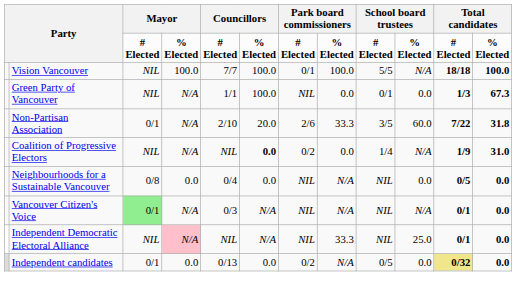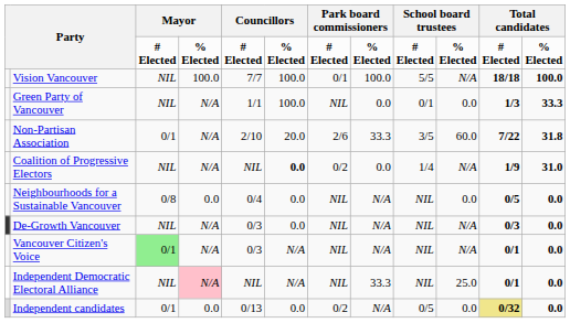 <table class="wikitable" style="width: 60%">
 <tr>
 <th rowspan="2" colspan="2" style="width:30%;">Party</th>
 <th colspan="2" style="width:10%;">Mayor</th>
 <th colspan="2" style="width:10%;">Councillors</th>
 <th colspan="2" style="width:10%;">Park board commissioners</th>
 <th colspan="2" style="width:10%;">School board trustees</th>
 <th colspan="2" style="width:10%;">Total candidates</th>
 </tr>
 <tr bgcolor=#fcfcfc>
 <td style="text-align: center;"><strong># Elected</strong></td>
 <td style="text-align: center;"><strong>% Elected</strong></td>
 <td style="text-align: center;"><strong># Elected</strong></td>
 <td style="text-align: center;"><strong>% Elected</strong></td>
 <td style="text-align: center;"><strong># Elected</strong></td>
 <td style="text-align: center;"><strong>% Elected</strong></td>
 <td style="text-align: center;"><strong># Elected</strong></td>
 <td style="text-align: center;"><strong>% Elected</strong></td>
 <td style="text-align: center;"><strong># Elected</strong></td>
 <td style="text-align: center;"><strong>% Elected</strong></td>
 </tr>
 <tr>
 <td style="background:"></td>
 <td><a href='#'>Vision Vancouver</a></td>
 <td style="text-align: right;"><em>NIL</em></td>
 <td style="text-align: right;">100.0</td>
 <td style="text-align: right;">7/7</td>
 <td style="text-align: right;">100.0</td>
 <td style="text-align: right;">0/1</td>
 <td style="text-align: right;">100.0</td>
 <td style="text-align: right;">5/5</td>
 <td style="text-align: right;"><em>N/A</em></td>
 <td style="text-align: right;"><strong>18/18</strong></td>
 <td style="text-align: right;"><strong>100.0</strong></td>
 </tr>
 <tr>
 <td style="background:"></td>
 <td><a href='#'>Green Party of Vancouver</a></td>
 <td style="text-align: right;"><em>NIL</em></td>
 <td style="text-align: right;"><em>N/A</em></td>
 <td style="text-align: right;">1/1</td>
 <td style="text-align: right;">100.0</td>
 <td style="text-align: right;"><em>NIL</em></td>
 <td style="text-align: right;">0.0</td>
 <td style="text-align: right;">0/1</td>
 <td style="text-align: right;">0.0</td>
 <td style="text-align: right;"><strong>1/3</strong></td>
-<td style="text-align: right;"><strong>67.3</strong></td>
+<td style="text-align: right;"><strong>33.3</strong></td>
 </tr>
 <tr>
 <td style="background:"></td>
 <td><a href='#'>Non-Partisan Association</a></td>
 <td style="text-align: right;">0/1</td>
 <td style="text-align: right;"><em>N/A</em></td>
 <td style="text-align: right;">2/10</td>
 <td style="text-align: right;">20.0</td>
 <td style="text-align: right;">2/6</td>
 <td style="text-align: right;">33.3</td>
 <td style="text-align: right;">3/5</td>
 <td style="text-align: right;">60.0</td>
 <td style="text-align: right;"><strong>7/22</strong></td>
 <td style="text-align: right;"><strong>31.8</strong></td>
 </tr>
 <tr>
 <td style="background:"></td>
 <td><a href='#'>Coalition of Progressive Electors</a></td>
 <td style="text-align: right;"><em>NIL</em></td>
 <td style="text-align: right;"><em>N/A</em></td>
 <td style="text-align: right;"><em>NIL</em></td>
 <td style="text-align: right;"><strong>0.0</strong></td>
 <td style="text-align: right;">0/2</td>
 <td style="text-align: right;">0.0</td>
 <td style="text-align: right;">1/4</td>
 <td style="text-align: right;"><em>N/A</em></td>
 <td style="text-align: right;"><strong>1/9</strong></td>
 <td style="text-align: right;"><strong>31.0</strong></td>
 </tr>
 <tr>
 <td style="background:"></td>
 <td><a href='#'>Neighbourhoods for a Sustainable Vancouver</a></td>
 <td style="text-align: right;">0/8</td>
 <td style="text-align: right;">0.0</td>
 <td style="text-align: right;">0/4</td>
 <td style="text-align: right;">0.0</td>
 <td style="text-align: right;"><em>NIL</em></td>
 <td style="text-align: right;"><em>N/A</em></td>
 <td style="text-align: right;"><em>NIL</em></td>
 <td style="text-align: right;">0.0</td>
 <td style="text-align: right;"><strong>0/5</strong></td>
+<td style="text-align: right;"><strong>0.0</strong></td>
+</tr>
+<tr>
+<td style="background:#333333;"></td>
+<td><a href='#'>De-Growth Vancouver</a></td>
+<td style="text-align: right;"><em>NIL</em></td>
+<td style="text-align: right;"><em>N/A</em></td>
+<td style="text-align: right;">0/3</td>
+<td style="text-align: right;">0.0</td>
+<td style="text-align: right;"><em>NIL</em></td>
+<td style="text-align: right;"><em>N/A</em></td>
+<td style="text-align: right;"><em>NIL</em></td>
+<td style="text-align: right;"><em>N/A</em></td>
+<td style="text-align: right;"><strong>0/3</strong></td>
 <td style="text-align: right;"><strong>0.0</strong></td>
 </tr>
 <tr>
 <td style="background:"></td>
 <td><a href='#'>Vancouver Citizen's Voice</a></td>
 <td style="background: lightgreen; text-align: right;">0/1</td>
 <td style="text-align: right;"><em>N/A</em></td>
 <td style="text-align: right;">0/3</td>
 <td style="text-align: right;"><em>N/A</em></td>
 <td style="text-align: right;"><em>NIL</em></td>
 <td style="text-align: right;"><em>N/A</em></td>
 <td style="text-align: right;"><em>NIL</em></td>
 <td style="text-align: right;"><em>N/A</em></td>
 <td style="text-align: right;"><strong>0/1</strong></td>
 <td style="text-align: right;"><strong>0.0</strong></td>
 </tr>
 <tr>
 <td style="background:white;"></td>
 <td><a href='#'>Independent Democratic Electoral Alliance</a></td>
 <td style="text-align: right;"><em>NIL</em></td>
 <td style="background: pink; text-align: right;"><em>N/A</em></td>
 <td style="text-align: right;"><em>NIL</em></td>
 <td style="text-align: right;"><em>N/A</em></td>
 <td style="text-align: right;"><em>NIL</em></td>
 <td style="text-align: right;">33.3</td>
 <td style="text-align: right;"><em>NIL</em></td>
 <td style="text-align: right;">25.0</td>
 <td style="text-align: right;"><strong>0/1</strong></td>
 <td style="text-align: right;"><strong>0.0</strong></td>
 </tr>
 <tr>
 <td style="background:gainsboro;"></td>
 <td><a href='#'>Independent candidates</a></td>
 <td style="text-align: right;">0/1</td>
 <td style="text-align: right;">0.0</td>
 <td style="text-align: right;">0/13</td>
 <td style="text-align: right;">0.0</td>
 <td style="text-align: right;">0/2</td>
 <td style="text-align: right;"><em>N/A</em></td>
 <td style="text-align: right;">0/5</td>
 <td style="text-align: right;">0.0</td>
 <td style="background: khaki; text-align: right;"><strong>0/32</strong></td>
 <td style="text-align: right;"><strong>0.0</strong></td>
 </tr>
 </table>
